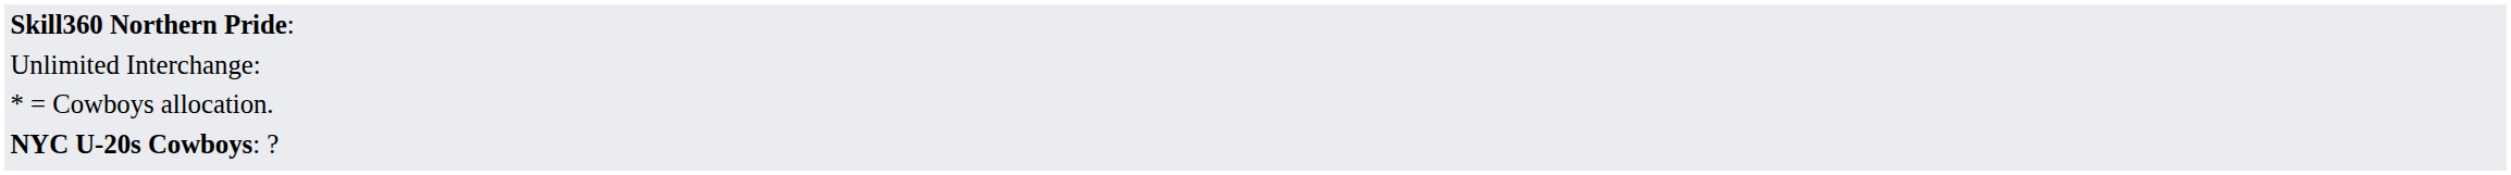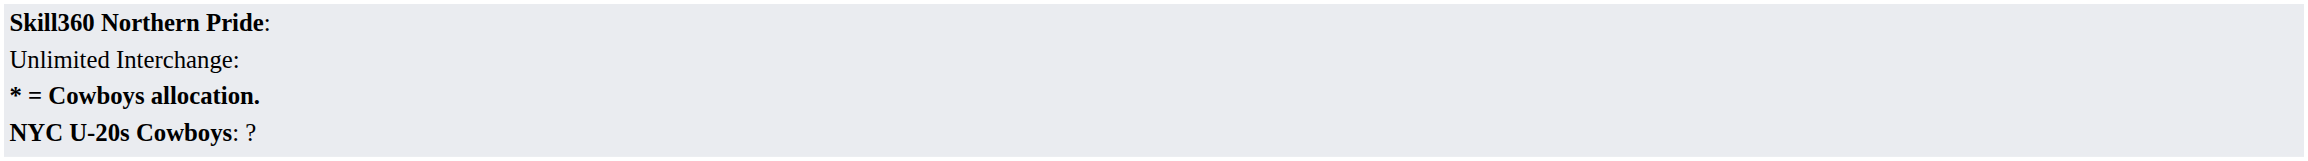 <table style="background:#eaecf0; font-size:85%; width:100%;">
 <tr>
 <td><strong>Skill360 Northern Pride</strong>:             </td>
 </tr>
 <tr>
 <td>Unlimited Interchange:        </td>
 </tr>
 <tr>
-<td>* = Cowboys allocation.</td>
+<td><strong>* = Cowboys allocation.</strong></td>
 </tr>
 <tr>
 <td><strong>NYC U-20s Cowboys</strong>: ?</td>
 </tr>
 <tr>
 </tr>
 </table>
